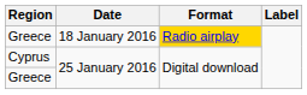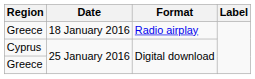 <table class=wikitable>
 <tr>
 <th>Region</th>
 <th>Date</th>
 <th>Format</th>
 <th>Label</th>
 </tr>
 <tr>
 <td>Greece</td>
 <td>18 January 2016</td>
-<td style="background: gold;"><a href='#'>Radio airplay</a></td>
+<td><a href='#'>Radio airplay</a></td>
 <td rowspan="3"></td>
 </tr>
 <tr>
 <td>Cyprus</td>
 <td rowspan="2">25 January 2016</td>
 <td rowspan="2">Digital download</td>
 </tr>
 <tr>
 <td>Greece</td>
 </tr>
 </table>
